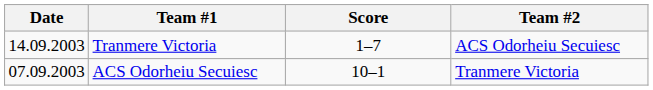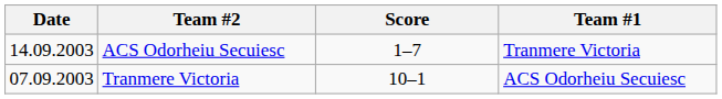 <table class="wikitable">
 <tr>
 <th>Date</th>
+<th width="200">Team #2</th>
+<th width="170">Score</th>
 <th width="200">Team #1</th>
-<th width="170">Score</th>
-<th width="200">Team #2</th>
 </tr>
 <tr>
 <td>14.09.2003</td>
+<td> <a href='#'>ACS Odorheiu Secuiesc</a></td>
+<td align=center>1–7</td>
 <td> <a href='#'>Tranmere Victoria</a></td>
-<td align=center>1–7</td>
-<td> <a href='#'>ACS Odorheiu Secuiesc</a></td>
 </tr>
 <tr>
 <td>07.09.2003</td>
+<td> <a href='#'>Tranmere Victoria</a></td>
+<td align=center>10–1</td>
 <td> <a href='#'>ACS Odorheiu Secuiesc</a></td>
-<td align=center>10–1</td>
-<td> <a href='#'>Tranmere Victoria</a></td>
 </tr>
 </table>
